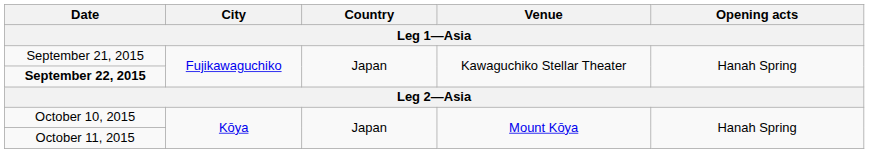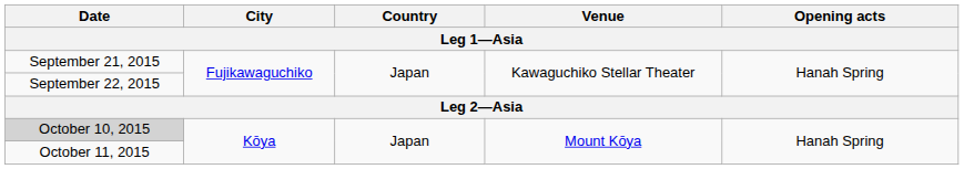 <table class="wikitable plainrowheaders" style="text-align:center;">
 <tr>
 <th scope="col" style="width:12em;">Date</th>
 <th scope="col" style="width:10em;">City</th>
 <th scope="col" style="width:10em;">Country</th>
 <th scope="col" style="width:16em;">Venue</th>
 <th scope="col" style="width:16em;">Opening acts</th>
 </tr>
 <tr>
 <th colspan="5">Leg 1—Asia</th>
 </tr>
 <tr>
 <td>September 21, 2015</td>
 <td rowspan="2"><a href='#'>Fujikawaguchiko</a></td>
 <td rowspan="2">Japan</td>
 <td rowspan="2">Kawaguchiko Stellar Theater</td>
 <td rowspan="2">Hanah Spring</td>
 </tr>
 <tr>
-<td><strong>September 22, 2015</strong></td>
+<td>September 22, 2015</td>
 </tr>
 <tr>
 <th colspan="5">Leg 2—Asia</th>
 </tr>
 <tr>
-<td>October 10, 2015</td>
+<td style="background: lightgrey;">October 10, 2015</td>
 <td rowspan="2"><a href='#'>Kōya</a></td>
 <td rowspan="2">Japan</td>
 <td rowspan="2"><a href='#'>Mount Kōya</a></td>
 <td rowspan="2">Hanah Spring</td>
 </tr>
 <tr>
 <td>October 11, 2015</td>
 </tr>
 </table>
